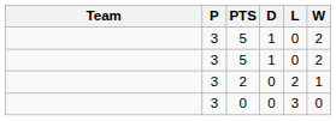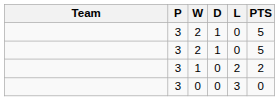 <table class=wikitable style="text-align:center">
 <tr>
 <th width=220>Team</th>
 <th width=20>P</th>
-<th width=20>PTS</th>
+<th width=20>W</th>
 <th width=20>D</th>
 <th width=20>L</th>
-<th width=20>W</th>
-</tr>
-<tr>
-<td style="text-align:left;"></td>
-<td>3</td>
-<td>5</td>
-<td>1</td>
-<td>0</td>
-<td>2</td>
-</tr>
-<tr>
-<td style="text-align:left;"></td>
-<td>3</td>
-<td>5</td>
-<td>1</td>
-<td>0</td>
-<td>2</td>
+<th width=20>PTS</th>
 </tr>
 <tr>
 <td style="text-align:left;"></td>
 <td>3</td>
 <td>2</td>
+<td>1</td>
+<td>0</td>
+<td>5</td>
+</tr>
+<tr>
+<td style="text-align:left;"></td>
+<td>3</td>
+<td>2</td>
+<td>1</td>
+<td>0</td>
+<td>5</td>
+</tr>
+<tr>
+<td style="text-align:left;"></td>
+<td>3</td>
+<td>1</td>
 <td>0</td>
 <td>2</td>
-<td>1</td>
+<td>2</td>
 </tr>
 <tr>
 <td style="text-align:left;"></td>
 <td>3</td>
 <td>0</td>
 <td>0</td>
 <td>3</td>
 <td>0</td>
 </tr>
 </table>
